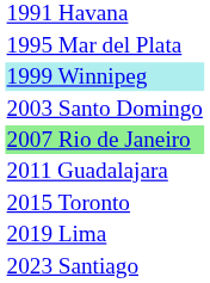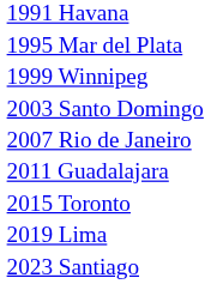 <table>
 <tr>
 <td><a href='#'>1991 Havana</a><br></td>
 <td></td>
 <td></td>
 <td></td>
 </tr>
 <tr>
 <td><a href='#'>1995 Mar del Plata</a><br></td>
 <td></td>
 <td></td>
 <td></td>
 </tr>
 <tr>
-<td style="background: paleturquoise;"><a href='#'>1999 Winnipeg</a><br></td>
+<td><a href='#'>1999 Winnipeg</a><br></td>
 <td></td>
 <td></td>
 <td></td>
 </tr>
 <tr>
 <td><a href='#'>2003 Santo Domingo</a><br></td>
 <td></td>
 <td></td>
 <td></td>
 </tr>
 <tr>
-<td style="background: lightgreen;"><a href='#'>2007 Rio de Janeiro</a><br></td>
+<td><a href='#'>2007 Rio de Janeiro</a><br></td>
 <td></td>
 <td></td>
 <td></td>
 </tr>
 <tr>
 <td rowspan=2><a href='#'>2011 Guadalajara</a><br></td>
 <td rowspan=2></td>
 <td rowspan=2></td>
 <td></td>
 </tr>
 <tr>
 <td></td>
 </tr>
 <tr>
 <td rowspan=2><a href='#'>2015 Toronto</a><br></td>
 <td rowspan=2></td>
 <td rowspan=2></td>
 <td></td>
 </tr>
 <tr>
 <td></td>
 </tr>
 <tr>
 <td rowspan=2><a href='#'>2019 Lima</a><br></td>
 <td rowspan=2></td>
 <td rowspan=2></td>
 <td></td>
 </tr>
 <tr>
 <td></td>
 </tr>
 <tr>
 <td rowspan=2><a href='#'>2023 Santiago</a><br></td>
 <td rowspan=2></td>
 <td rowspan=2></td>
 <td></td>
 </tr>
 <tr>
 <td></td>
 </tr>
 </table>
